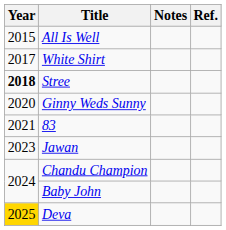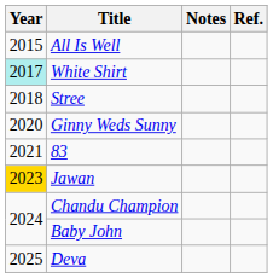 <table class="wikitable sortable plainrowheaders">
 <tr style="background:#ccc; text-align:center;">
 <th scope="col">Year</th>
 <th scope="col">Title</th>
 <th scope="col">Notes</th>
 <th scope="col">Ref.</th>
 </tr>
 <tr>
 <td>2015</td>
 <td scope="row"><em><a href='#'>All Is Well</a></em></td>
 <td></td>
 <td></td>
 </tr>
 <tr>
-<td>2017</td>
+<td style="background: paleturquoise;">2017</td>
 <td scope="row"><em><a href='#'>White Shirt</a></em></td>
 <td></td>
 <td></td>
 </tr>
 <tr>
-<td><strong>2018</strong></td>
+<td>2018</td>
 <td scope="row"><em><a href='#'>Stree</a></em></td>
 <td></td>
 <td></td>
 </tr>
 <tr>
 <td>2020</td>
 <td scope="row"><em><a href='#'>Ginny Weds Sunny</a></em></td>
 <td></td>
 <td></td>
 </tr>
 <tr>
 <td>2021</td>
 <td scope="row"><em><a href='#'>83</a></em></td>
 <td></td>
 <td></td>
 </tr>
 <tr>
-<td>2023</td>
+<td style="background: gold;">2023</td>
 <td scope="row"><em><a href='#'>Jawan</a></em></td>
 <td></td>
 <td></td>
 </tr>
 <tr>
 <td rowspan ="2";>2024</td>
 <td scope="row"><em><a href='#'>Chandu Champion</a></em></td>
 <td></td>
 <td></td>
 </tr>
 <tr>
 <td scope="row"><em><a href='#'>Baby John</a></em></td>
 <td></td>
 <td></td>
 </tr>
 <tr>
-<td style="background: gold;">2025</td>
+<td>2025</td>
 <td scope="row"><em><a href='#'>Deva</a></em></td>
 <td></td>
 <td></td>
 </tr>
 </table>
